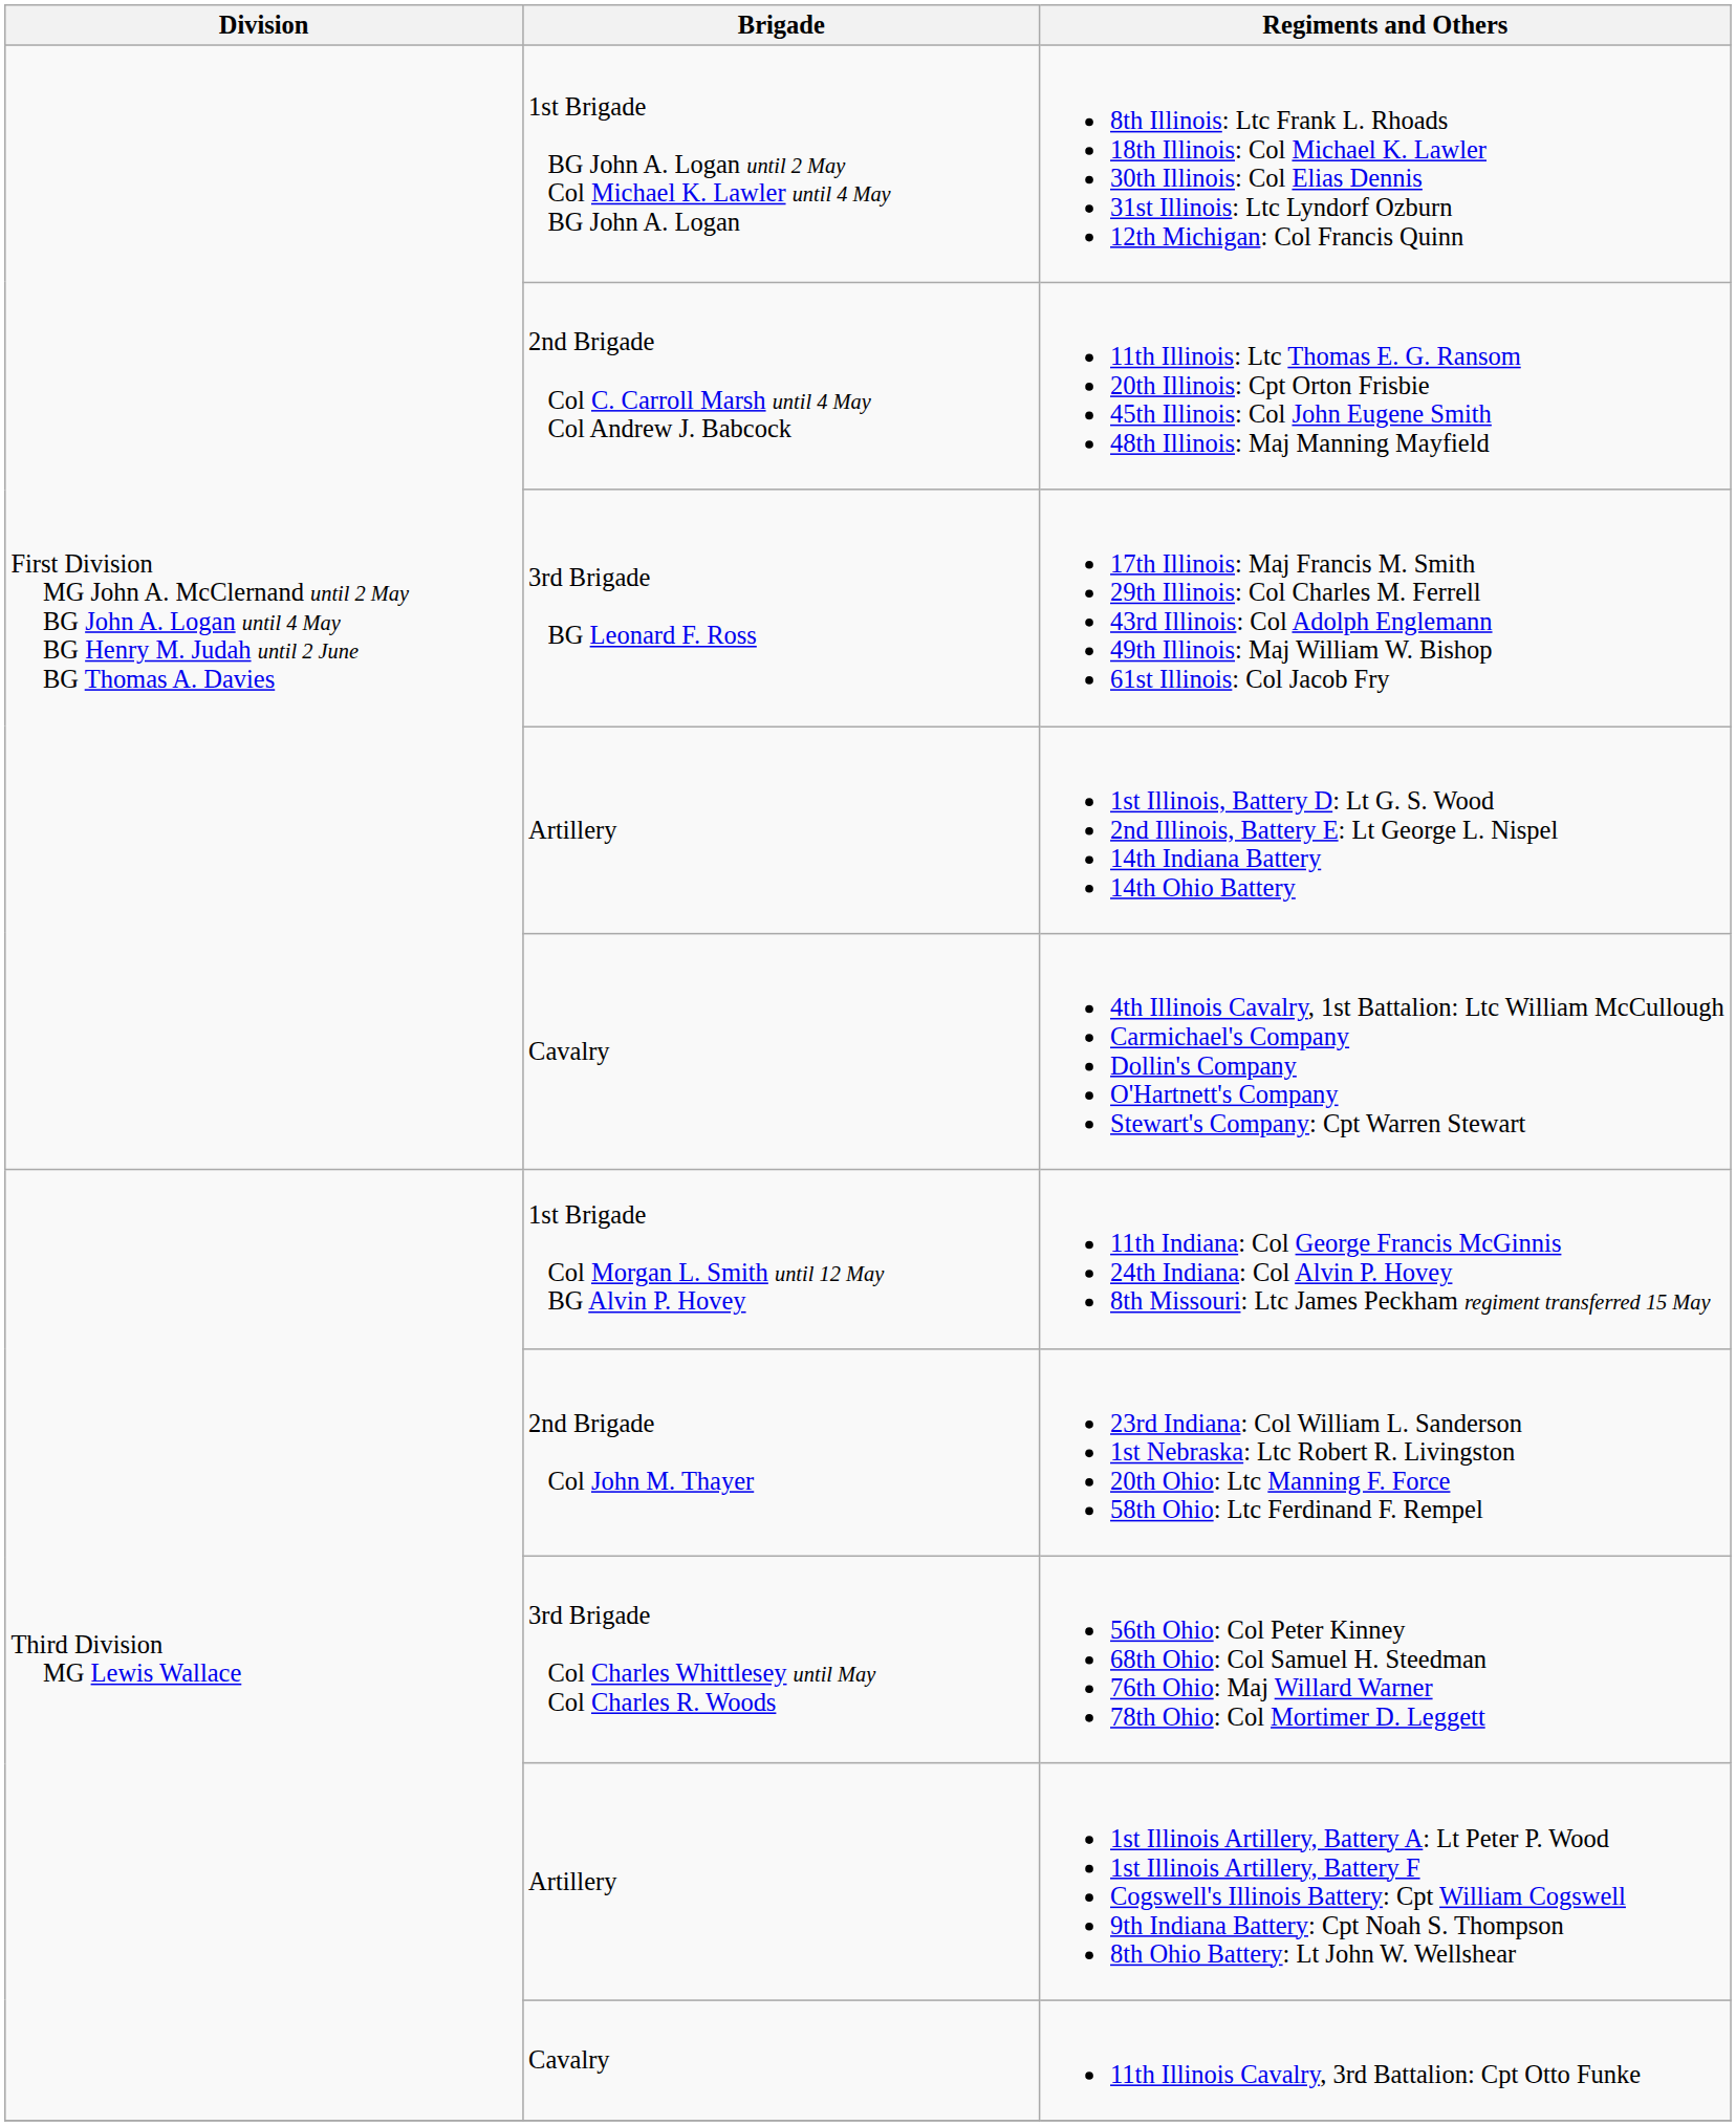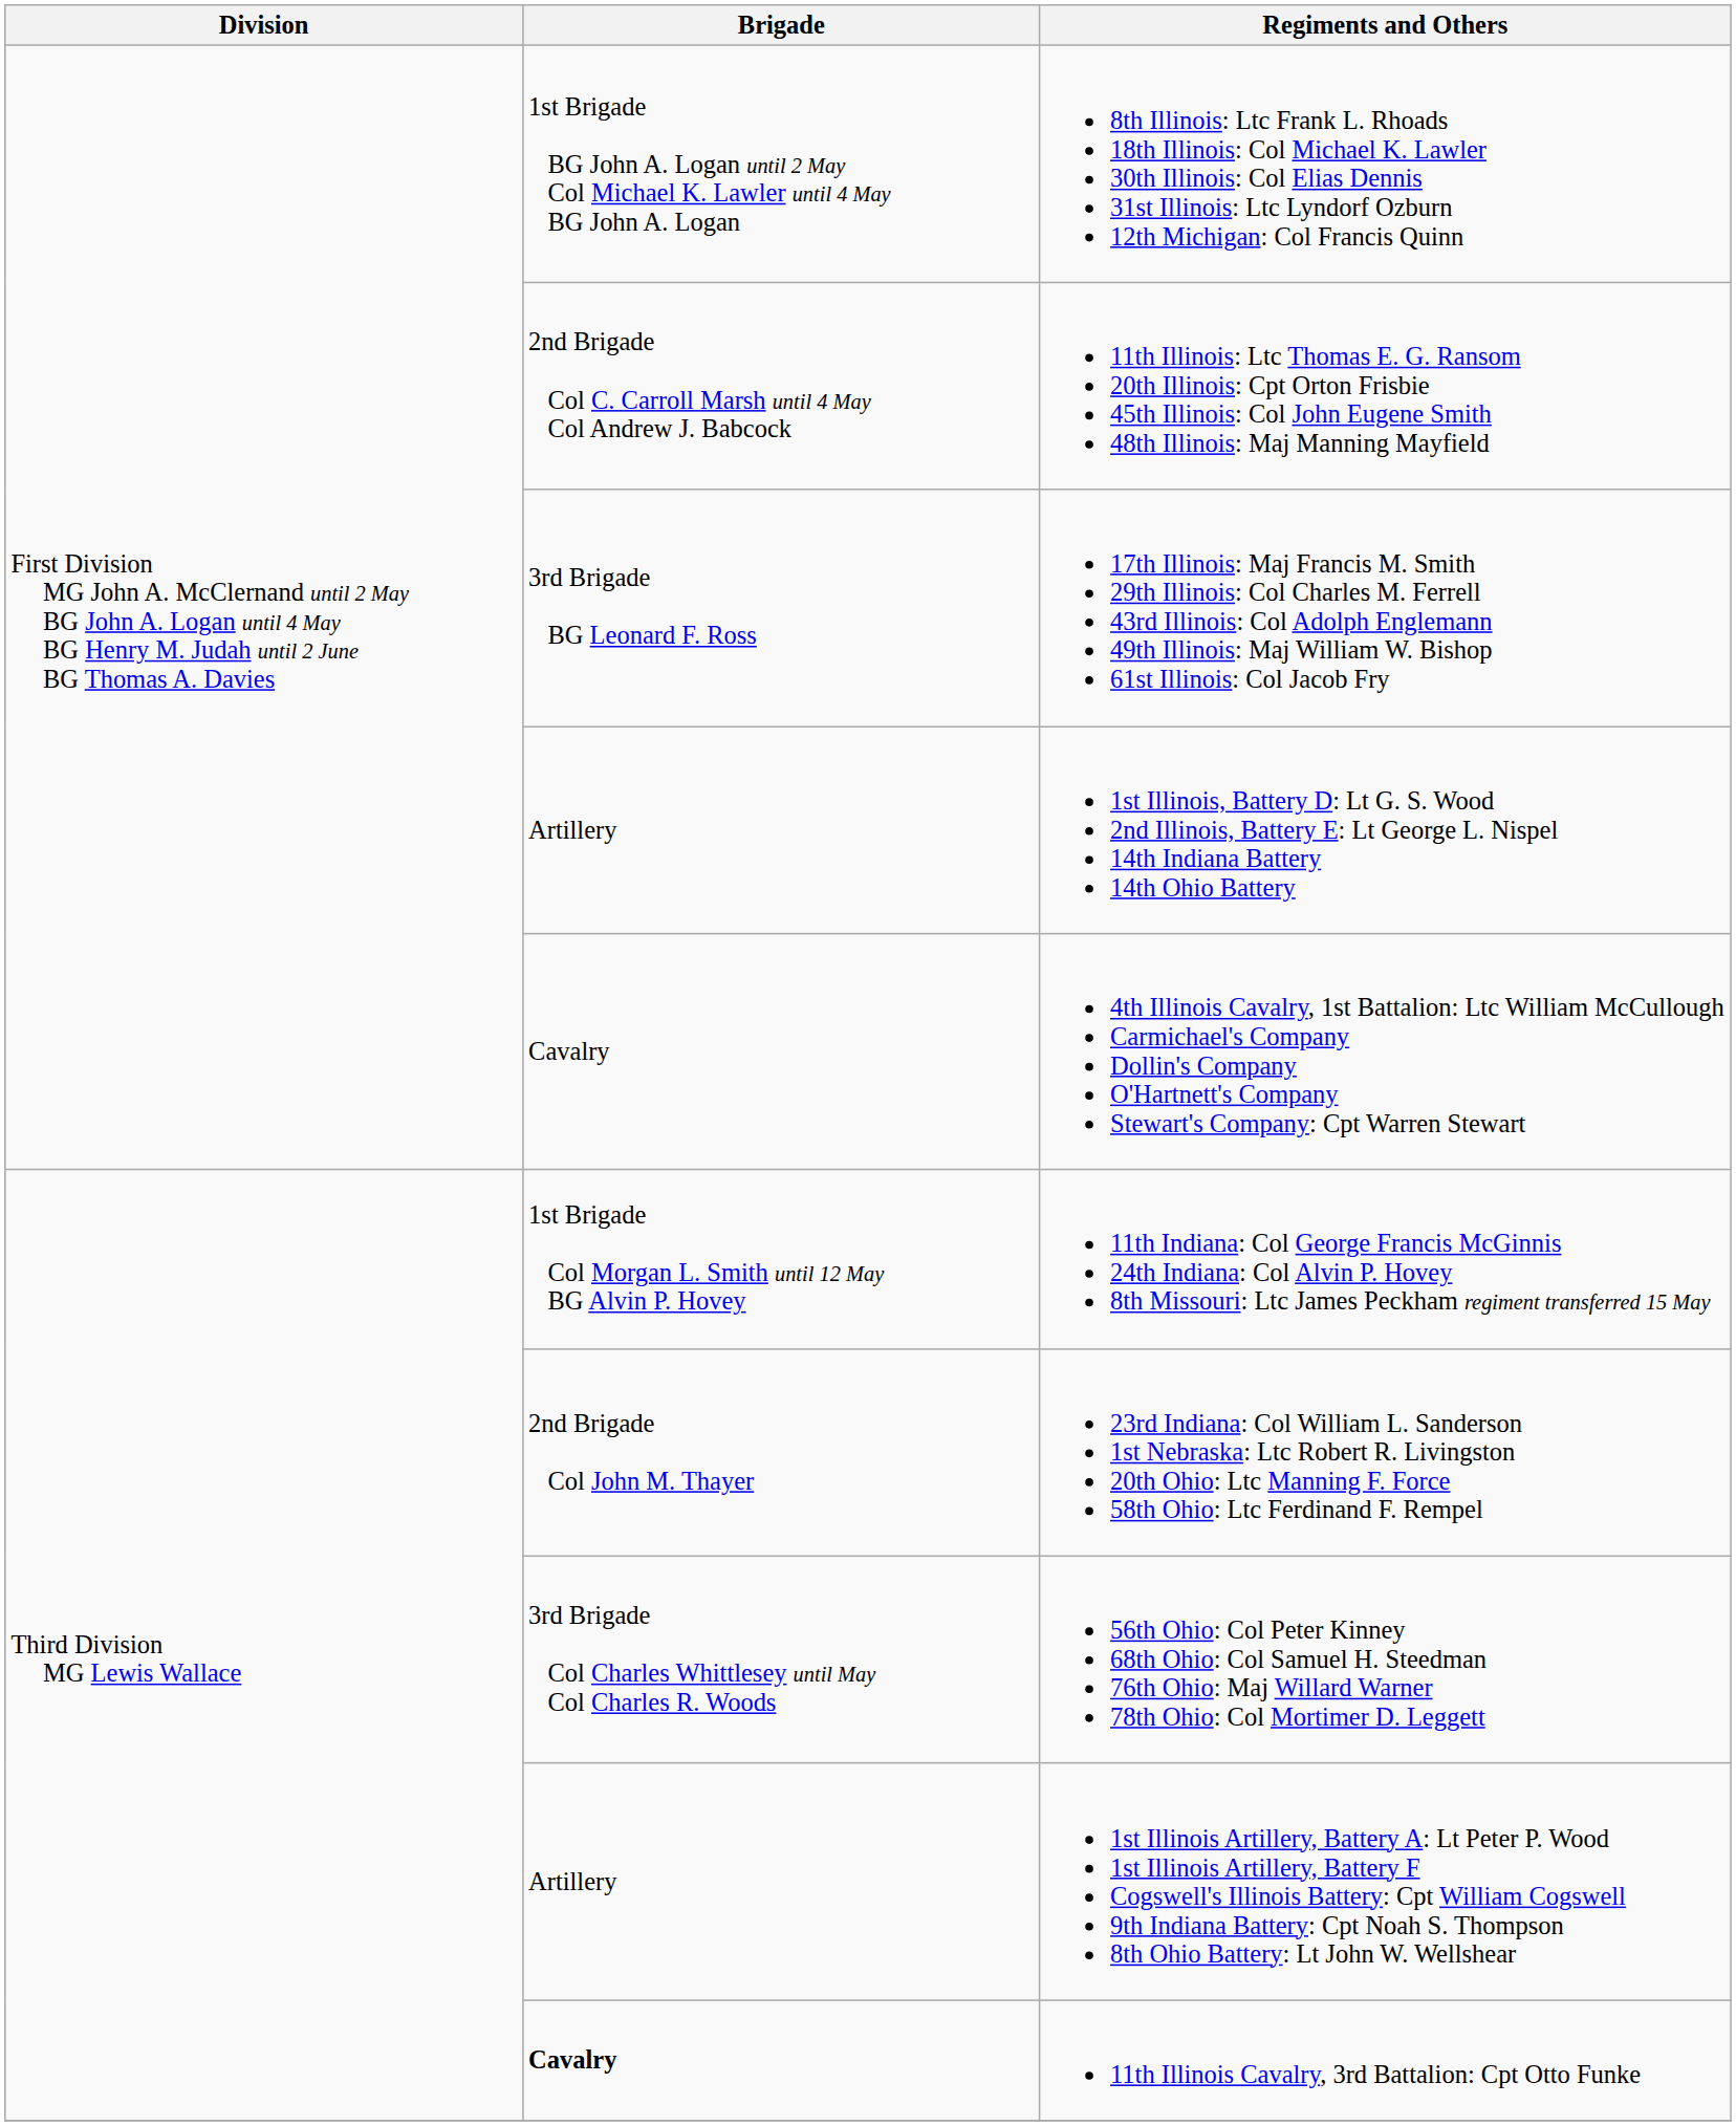 <table class="wikitable">
 <tr>
 <th width=30%>Division</th>
 <th width=30%>Brigade</th>
 <th>Regiments and Others</th>
 </tr>
 <tr>
 <td rowspan=5><br>First Division <br>     MG John A. McClernand <small><em>until 2 May</em></small><br>     BG <a href='#'>John A. Logan</a> <small><em>until 4 May</em></small><br>     BG <a href='#'>Henry M. Judah</a> <small><em>until 2 June</em></small><br>     BG <a href='#'>Thomas A. Davies</a></td>
 <td>1st Brigade<br><br>   BG John A. Logan <small><em>until 2 May</em></small><br>   Col <a href='#'>Michael K. Lawler</a> <small><em>until 4 May</em></small><br>   BG John A. Logan</td>
 <td><br><ul><li><a href='#'>8th Illinois</a>: Ltc Frank L. Rhoads</li><li><a href='#'>18th Illinois</a>: Col <a href='#'>Michael K. Lawler</a></li><li><a href='#'>30th Illinois</a>: Col <a href='#'>Elias Dennis</a></li><li><a href='#'>31st Illinois</a>: Ltc Lyndorf Ozburn</li><li><a href='#'>12th Michigan</a>: Col Francis Quinn</li></ul></td>
 </tr>
 <tr>
 <td>2nd Brigade<br><br>   Col <a href='#'>C. Carroll Marsh</a> <small><em>until 4 May</em></small><br>   Col Andrew J. Babcock</td>
 <td><br><ul><li><a href='#'>11th Illinois</a>: Ltc <a href='#'>Thomas E. G. Ransom</a></li><li><a href='#'>20th Illinois</a>: Cpt Orton Frisbie</li><li><a href='#'>45th Illinois</a>: Col <a href='#'>John Eugene Smith</a></li><li><a href='#'>48th Illinois</a>: Maj Manning Mayfield</li></ul></td>
 </tr>
 <tr>
 <td>3rd Brigade<br><br>   BG <a href='#'>Leonard F. Ross</a></td>
 <td><br><ul><li><a href='#'>17th Illinois</a>: Maj Francis M. Smith</li><li><a href='#'>29th Illinois</a>: Col Charles M. Ferrell</li><li><a href='#'>43rd Illinois</a>: Col <a href='#'>Adolph Englemann</a></li><li><a href='#'>49th Illinois</a>: Maj William W. Bishop</li><li><a href='#'>61st Illinois</a>: Col Jacob Fry</li></ul></td>
 </tr>
 <tr>
 <td>Artillery</td>
 <td><br><ul><li><a href='#'>1st Illinois, Battery D</a>: Lt G. S. Wood</li><li><a href='#'>2nd Illinois, Battery E</a>: Lt George L. Nispel</li><li><a href='#'>14th Indiana Battery</a></li><li><a href='#'>14th Ohio Battery</a></li></ul></td>
 </tr>
 <tr>
 <td>Cavalry</td>
 <td><br><ul><li><a href='#'>4th Illinois Cavalry</a>, 1st Battalion: Ltc William McCullough</li><li><a href='#'>Carmichael's Company</a></li><li><a href='#'>Dollin's Company</a></li><li><a href='#'>O'Hartnett's Company</a></li><li><a href='#'>Stewart's Company</a>: Cpt Warren Stewart</li></ul></td>
 </tr>
 <tr>
 <td rowspan= 5><br>Third Division <br>     MG <a href='#'>Lewis Wallace</a></td>
 <td>1st Brigade<br><br>   Col <a href='#'>Morgan L. Smith</a> <small><em>until 12 May</em></small> <br>   BG <a href='#'>Alvin P. Hovey</a></td>
 <td><br><ul><li><a href='#'>11th Indiana</a>: Col <a href='#'>George Francis McGinnis</a></li><li><a href='#'>24th Indiana</a>: Col <a href='#'>Alvin P. Hovey</a></li><li><a href='#'>8th Missouri</a>: Ltc James Peckham <small><em>regiment transferred 15 May</em></small></li></ul></td>
 </tr>
 <tr>
 <td>2nd Brigade<br><br>   Col <a href='#'>John M. Thayer</a></td>
 <td><br><ul><li><a href='#'>23rd Indiana</a>: Col William L. Sanderson</li><li><a href='#'>1st Nebraska</a>: Ltc Robert R. Livingston</li><li><a href='#'>20th Ohio</a>: Ltc <a href='#'>Manning F. Force</a></li><li><a href='#'>58th Ohio</a>: Ltc Ferdinand F. Rempel</li></ul></td>
 </tr>
 <tr>
 <td>3rd Brigade<br><br>   Col <a href='#'>Charles Whittlesey</a> <small><em>until May</em></small> <br>   Col <a href='#'>Charles R. Woods</a></td>
 <td><br><ul><li><a href='#'>56th Ohio</a>: Col Peter Kinney</li><li><a href='#'>68th Ohio</a>: Col Samuel H. Steedman</li><li><a href='#'>76th Ohio</a>: Maj <a href='#'>Willard Warner</a></li><li><a href='#'>78th Ohio</a>: Col <a href='#'>Mortimer D. Leggett</a></li></ul></td>
 </tr>
 <tr>
 <td>Artillery</td>
 <td><br><ul><li><a href='#'>1st Illinois Artillery, Battery A</a>: Lt Peter P. Wood</li><li><a href='#'>1st Illinois Artillery, Battery F</a></li><li><a href='#'>Cogswell's Illinois Battery</a>: Cpt <a href='#'>William Cogswell</a></li><li><a href='#'>9th Indiana Battery</a>: Cpt Noah S. Thompson</li><li><a href='#'>8th Ohio Battery</a>: Lt John W. Wellshear</li></ul></td>
 </tr>
 <tr>
-<td>Cavalry</td>
+<td><strong>Cavalry</strong></td>
 <td><br><ul><li><a href='#'>11th Illinois Cavalry</a>, 3rd Battalion: Cpt Otto Funke</li></ul></td>
 </tr>
 <tr>
 </tr>
 </table>
